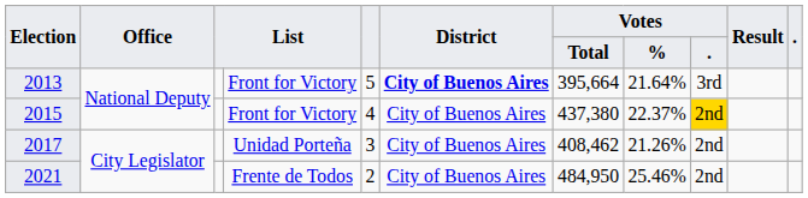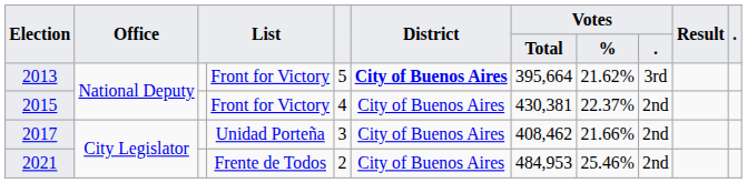 <table class="wikitable" style="font-size:90%; text-align:center;">
 <tr>
 <th style="background-color:#EAECF0;" rowspan=2>Election</th>
 <th style="background-color:#EAECF0;" rowspan=2>Office</th>
 <th style="background-color:#EAECF0;" colspan=2 rowspan=2>List</th>
 <th style="background-color:#EAECF0;" rowspan=2></th>
 <th style="background-color:#EAECF0;" rowspan=2>District</th>
 <th style="background-color:#EAECF0;" colspan=3>Votes</th>
 <th style="background-color:#EAECF0;" rowspan=2>Result</th>
 <th style="background-color:#EAECF0;" rowspan=2>.</th>
 </tr>
 <tr>
 <th style="background-color:#EAECF0;">Total</th>
 <th style="background-color:#EAECF0;">%</th>
 <th style="background-color:#EAECF0;">.</th>
 </tr>
 <tr>
 <td style="background-color:#EAECF0;"><a href='#'>2013</a></td>
 <td rowspan="2"><a href='#'>National Deputy</a></td>
 <td style="background-color:"></td>
 <td><a href='#'>Front for Victory</a></td>
 <td>5</td>
 <td><strong><a href='#'>City of Buenos Aires</a></strong></td>
 <td>395,664</td>
-<td>21.64%</td>
+<td>21.62%</td>
 <td>3rd</td>
 <td></td>
 <td></td>
 </tr>
 <tr>
 <td style="background-color:#EAECF0;"><a href='#'>2015</a></td>
 <td style="background-color:"></td>
 <td><a href='#'>Front for Victory</a></td>
 <td>4</td>
 <td><a href='#'>City of Buenos Aires</a></td>
-<td>437,380</td>
+<td>430,381</td>
 <td>22.37%</td>
-<td style="background: gold;">2nd</td>
+<td>2nd</td>
 <td></td>
 <td></td>
 </tr>
 <tr>
 <td style="background-color:#EAECF0;"><a href='#'>2017</a></td>
 <td rowspan="2"><a href='#'>City Legislator</a></td>
 <td style="background-color:"></td>
 <td><a href='#'>Unidad Porteña</a></td>
 <td>3</td>
 <td><a href='#'>City of Buenos Aires</a></td>
 <td>408,462</td>
-<td>21.26%</td>
+<td>21.66%</td>
 <td>2nd</td>
 <td></td>
 <td></td>
 </tr>
 <tr>
 <td style="background-color:#EAECF0;"><a href='#'>2021</a></td>
 <td style="background-color:"></td>
 <td><a href='#'>Frente de Todos</a></td>
 <td>2</td>
 <td><a href='#'>City of Buenos Aires</a></td>
-<td>484,950</td>
+<td>484,953</td>
 <td>25.46%</td>
 <td>2nd</td>
 <td></td>
 <td></td>
 </tr>
 </table>
